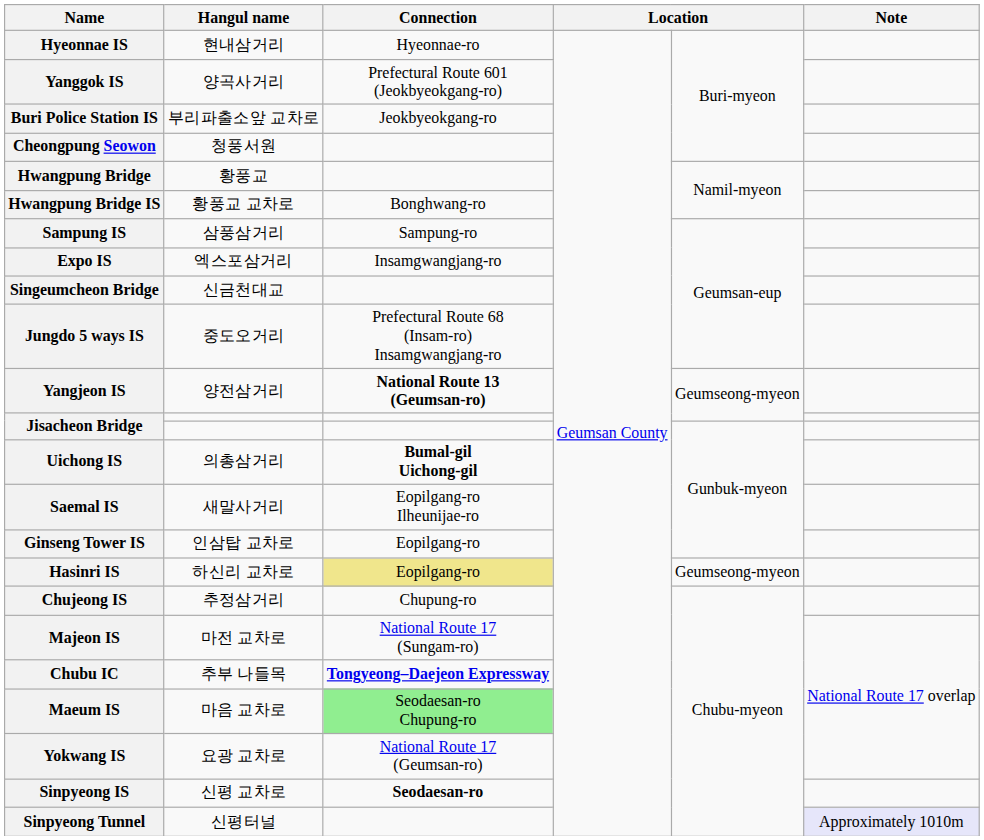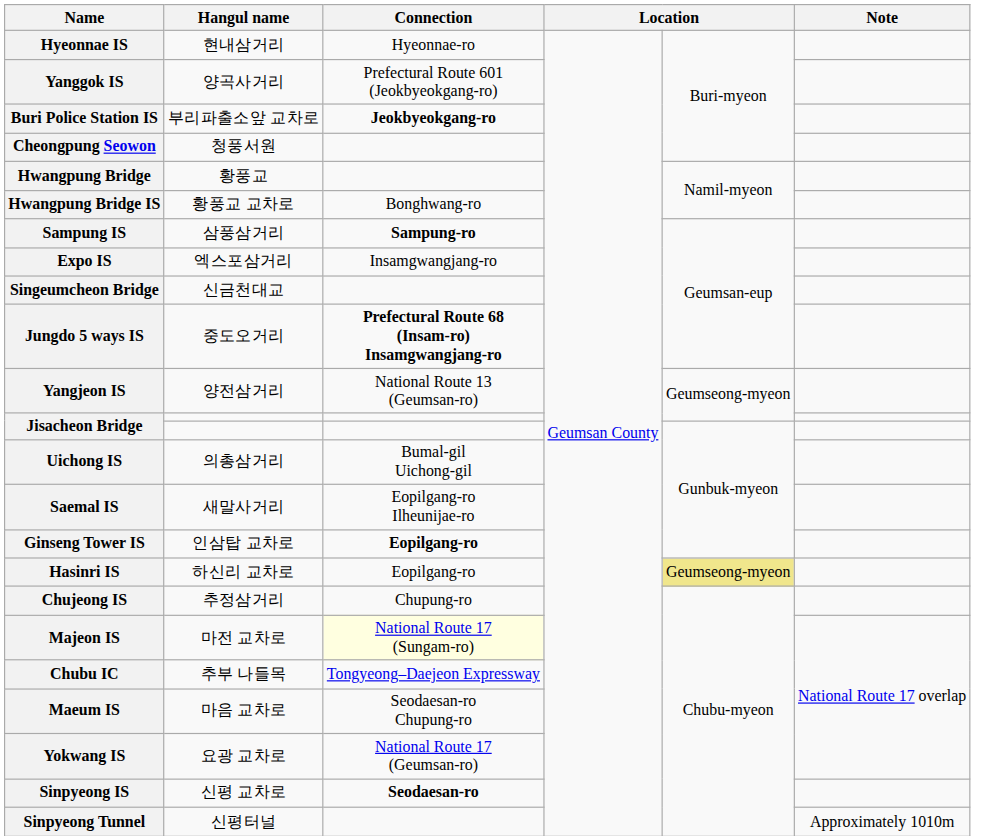 <table class="wikitable" style="font-size: 85%; text-align: center;">
 <tr>
 <th>Name</th>
 <th>Hangul name</th>
 <th>Connection</th>
 <th colspan="2">Location</th>
 <th>Note</th>
 </tr>
 <tr>
 <th>Hyeonnae IS</th>
 <td>현내삼거리</td>
 <td>Hyeonnae-ro</td>
 <td rowspan=24><a href='#'>Geumsan County</a></td>
 <td rowspan=4>Buri-myeon</td>
 <td></td>
 </tr>
 <tr>
 <th>Yanggok IS</th>
 <td>양곡사거리</td>
 <td>Prefectural Route 601<br>(Jeokbyeokgang-ro)</td>
 <td></td>
 </tr>
 <tr>
 <th>Buri Police Station IS</th>
 <td>부리파출소앞 교차로</td>
-<td>Jeokbyeokgang-ro</td>
+<td><strong>Jeokbyeokgang-ro</strong></td>
 <td></td>
 </tr>
 <tr>
 <th>Cheongpung <a href='#'>Seowon</a></th>
 <td>청풍서원</td>
 <td></td>
 <td></td>
 </tr>
 <tr>
 <th>Hwangpung Bridge</th>
 <td>황풍교</td>
 <td></td>
 <td rowspan=2>Namil-myeon</td>
 <td></td>
 </tr>
 <tr>
 <th>Hwangpung Bridge IS</th>
 <td>황풍교 교차로</td>
 <td>Bonghwang-ro</td>
 <td></td>
 </tr>
 <tr>
 <th>Sampung IS</th>
 <td>삼풍삼거리</td>
-<td>Sampung-ro</td>
+<td><strong>Sampung-ro</strong></td>
 <td rowspan=4>Geumsan-eup</td>
 <td></td>
 </tr>
 <tr>
 <th>Expo IS</th>
 <td>엑스포삼거리</td>
 <td>Insamgwangjang-ro</td>
 <td></td>
 </tr>
 <tr>
 <th>Singeumcheon Bridge</th>
 <td>신금천대교</td>
 <td></td>
 <td></td>
 </tr>
 <tr>
 <th>Jungdo 5 ways IS</th>
 <td>중도오거리</td>
-<td>Prefectural Route 68<br>(Insam-ro)<br>Insamgwangjang-ro</td>
+<td><strong>Prefectural Route 68<br>(Insam-ro)<br>Insamgwangjang-ro</strong></td>
 <td></td>
 </tr>
 <tr>
 <th>Yangjeon IS</th>
 <td>양전삼거리</td>
-<td><strong>National Route 13<br>(Geumsan-ro)</strong></td>
+<td>National Route 13<br>(Geumsan-ro)</td>
 <td rowspan=2>Geumseong-myeon</td>
 <td></td>
 </tr>
 <tr>
 <th rowspan=2>Jisacheon Bridge</th>
 <td></td>
 <td></td>
 </tr>
 <tr>
 <td></td>
 <td></td>
 <td rowspan=4>Gunbuk-myeon</td>
 <td></td>
 </tr>
 <tr>
 <th>Uichong IS</th>
 <td>의총삼거리</td>
-<td><strong>Bumal-gil<br>Uichong-gil</strong></td>
+<td>Bumal-gil<br>Uichong-gil</td>
 <td></td>
 </tr>
 <tr>
 <th>Saemal IS</th>
 <td>새말사거리</td>
 <td>Eopilgang-ro<br>Ilheunijae-ro</td>
 <td></td>
 </tr>
 <tr>
 <th>Ginseng Tower IS</th>
 <td>인삼탑 교차로</td>
-<td>Eopilgang-ro</td>
+<td><strong>Eopilgang-ro</strong></td>
 <td></td>
 </tr>
 <tr>
 <th>Hasinri IS</th>
 <td>하신리 교차로</td>
-<td style="background: khaki;">Eopilgang-ro</td>
-<td>Geumseong-myeon</td>
+<td>Eopilgang-ro</td>
+<td style="background: khaki;">Geumseong-myeon</td>
 <td></td>
 </tr>
 <tr>
 <th>Chujeong IS</th>
 <td>추정삼거리</td>
 <td>Chupung-ro</td>
 <td rowspan=7>Chubu-myeon</td>
 <td></td>
 </tr>
 <tr>
 <th>Majeon IS</th>
 <td>마전 교차로</td>
-<td><a href='#'>National Route 17</a><br>(Sungam-ro)</td>
+<td style="background: lightyellow;"><a href='#'>National Route 17</a><br>(Sungam-ro)</td>
 <td rowspan=4><a href='#'>National Route 17</a> overlap</td>
 </tr>
 <tr>
 <th>Chubu IC</th>
 <td>추부 나들목</td>
-<td><strong><a href='#'>Tongyeong–Daejeon Expressway</a></strong></td>
+<td><a href='#'>Tongyeong–Daejeon Expressway</a></td>
 </tr>
 <tr>
 <th>Maeum IS</th>
 <td>마음 교차로</td>
-<td style="background: lightgreen;">Seodaesan-ro<br>Chupung-ro</td>
+<td>Seodaesan-ro<br>Chupung-ro</td>
 </tr>
 <tr>
 <th>Yokwang IS</th>
 <td>요광 교차로</td>
 <td><a href='#'>National Route 17</a><br>(Geumsan-ro)</td>
 </tr>
 <tr>
 <th>Sinpyeong IS</th>
 <td>신평 교차로</td>
 <td><strong>Seodaesan-ro</strong></td>
 <td></td>
 </tr>
 <tr>
 <th>Sinpyeong Tunnel</th>
 <td>신평터널</td>
 <td></td>
-<td style="background: lavender;">Approximately 1010m</td>
+<td>Approximately 1010m</td>
 </tr>
 <tr>
 </tr>
 </table>
